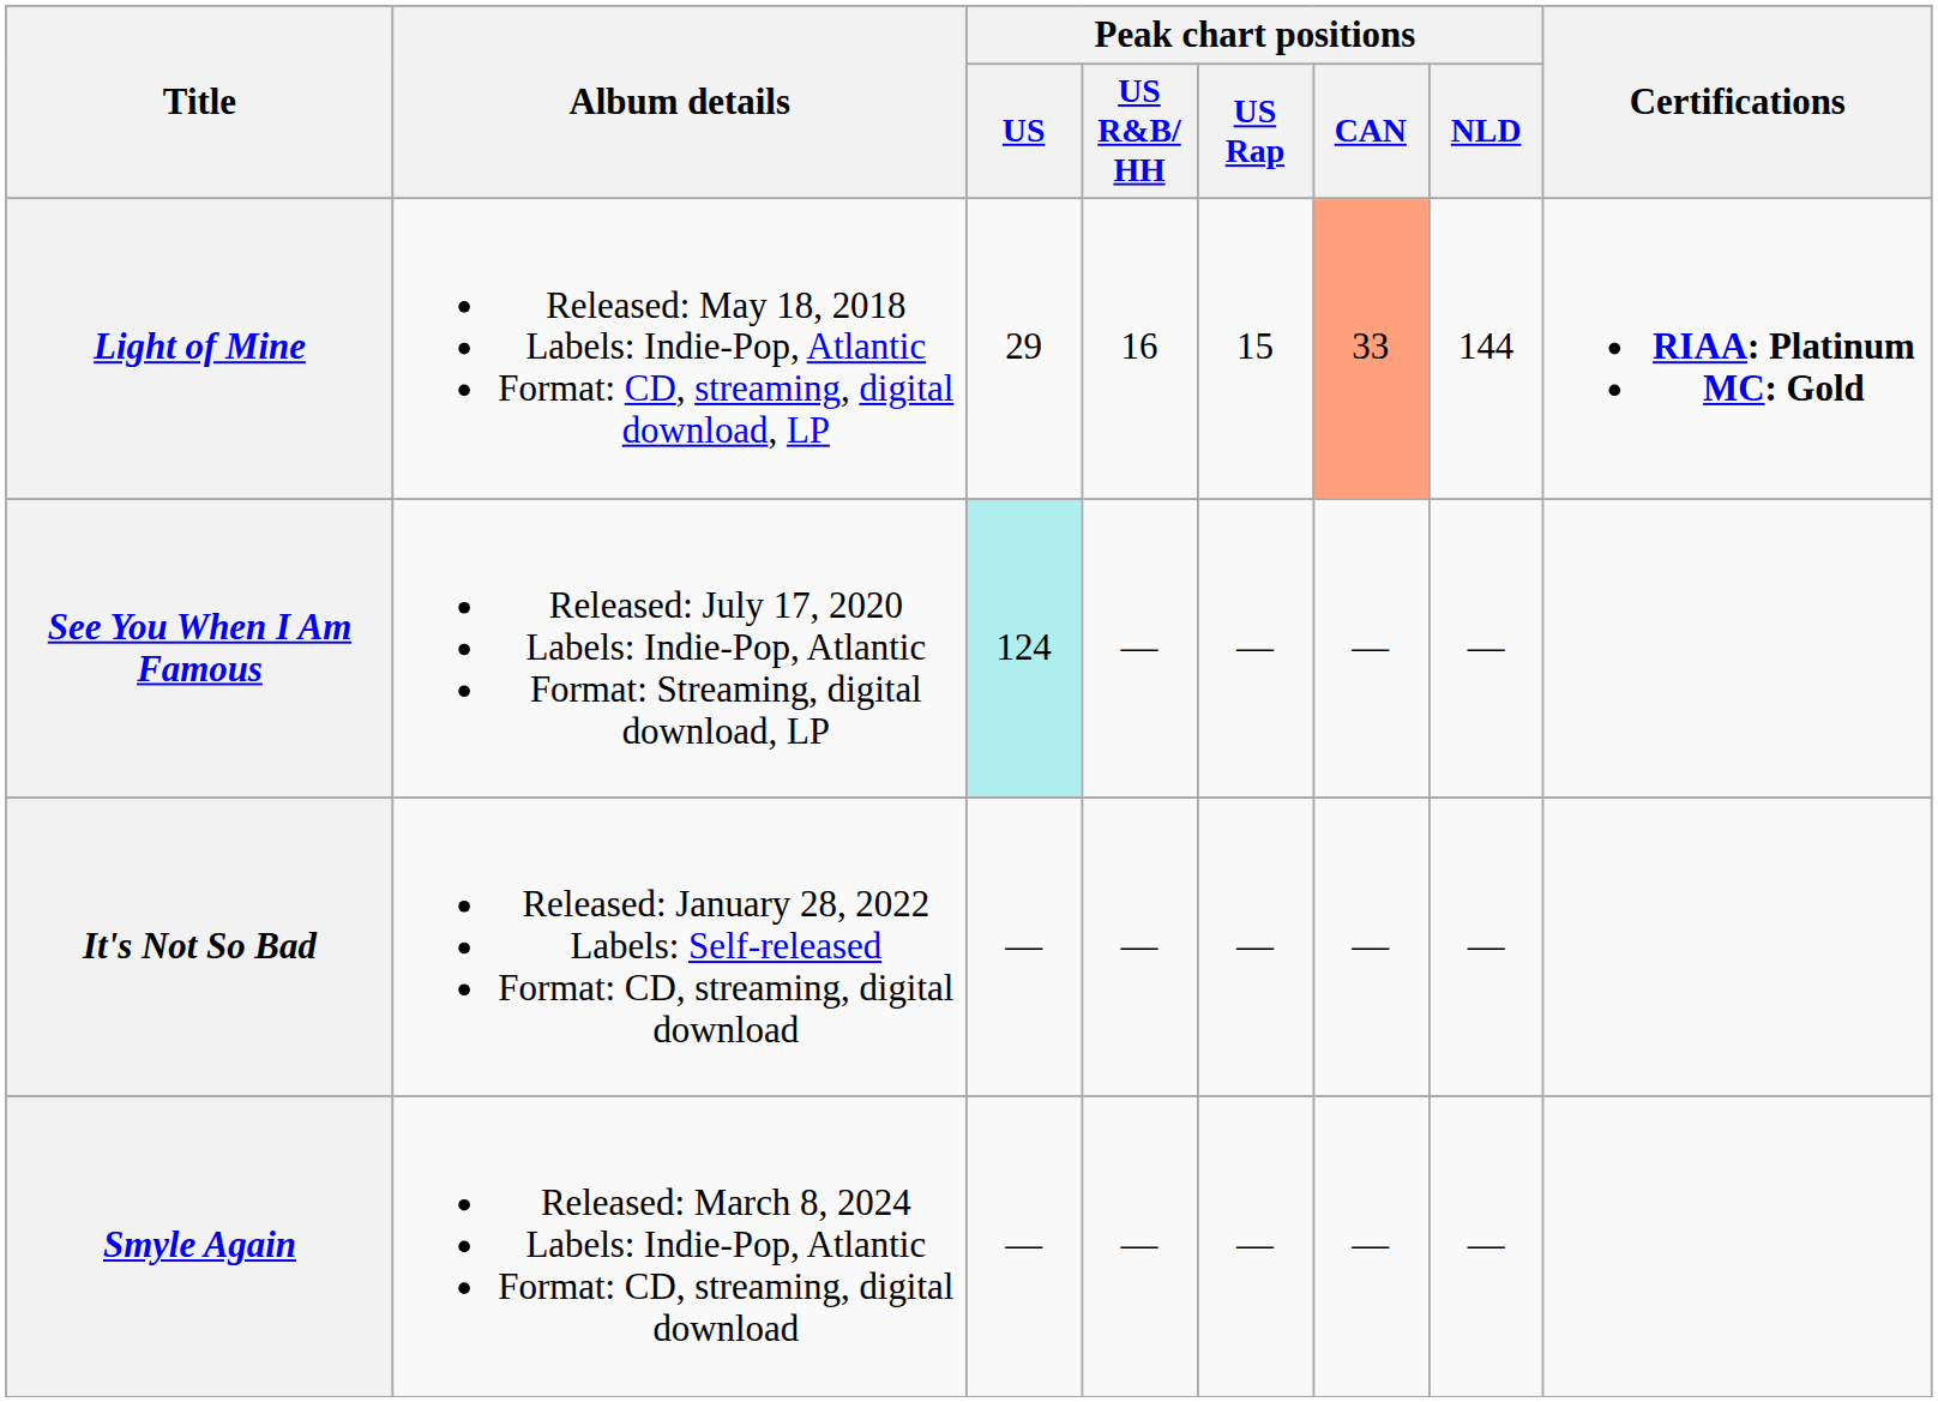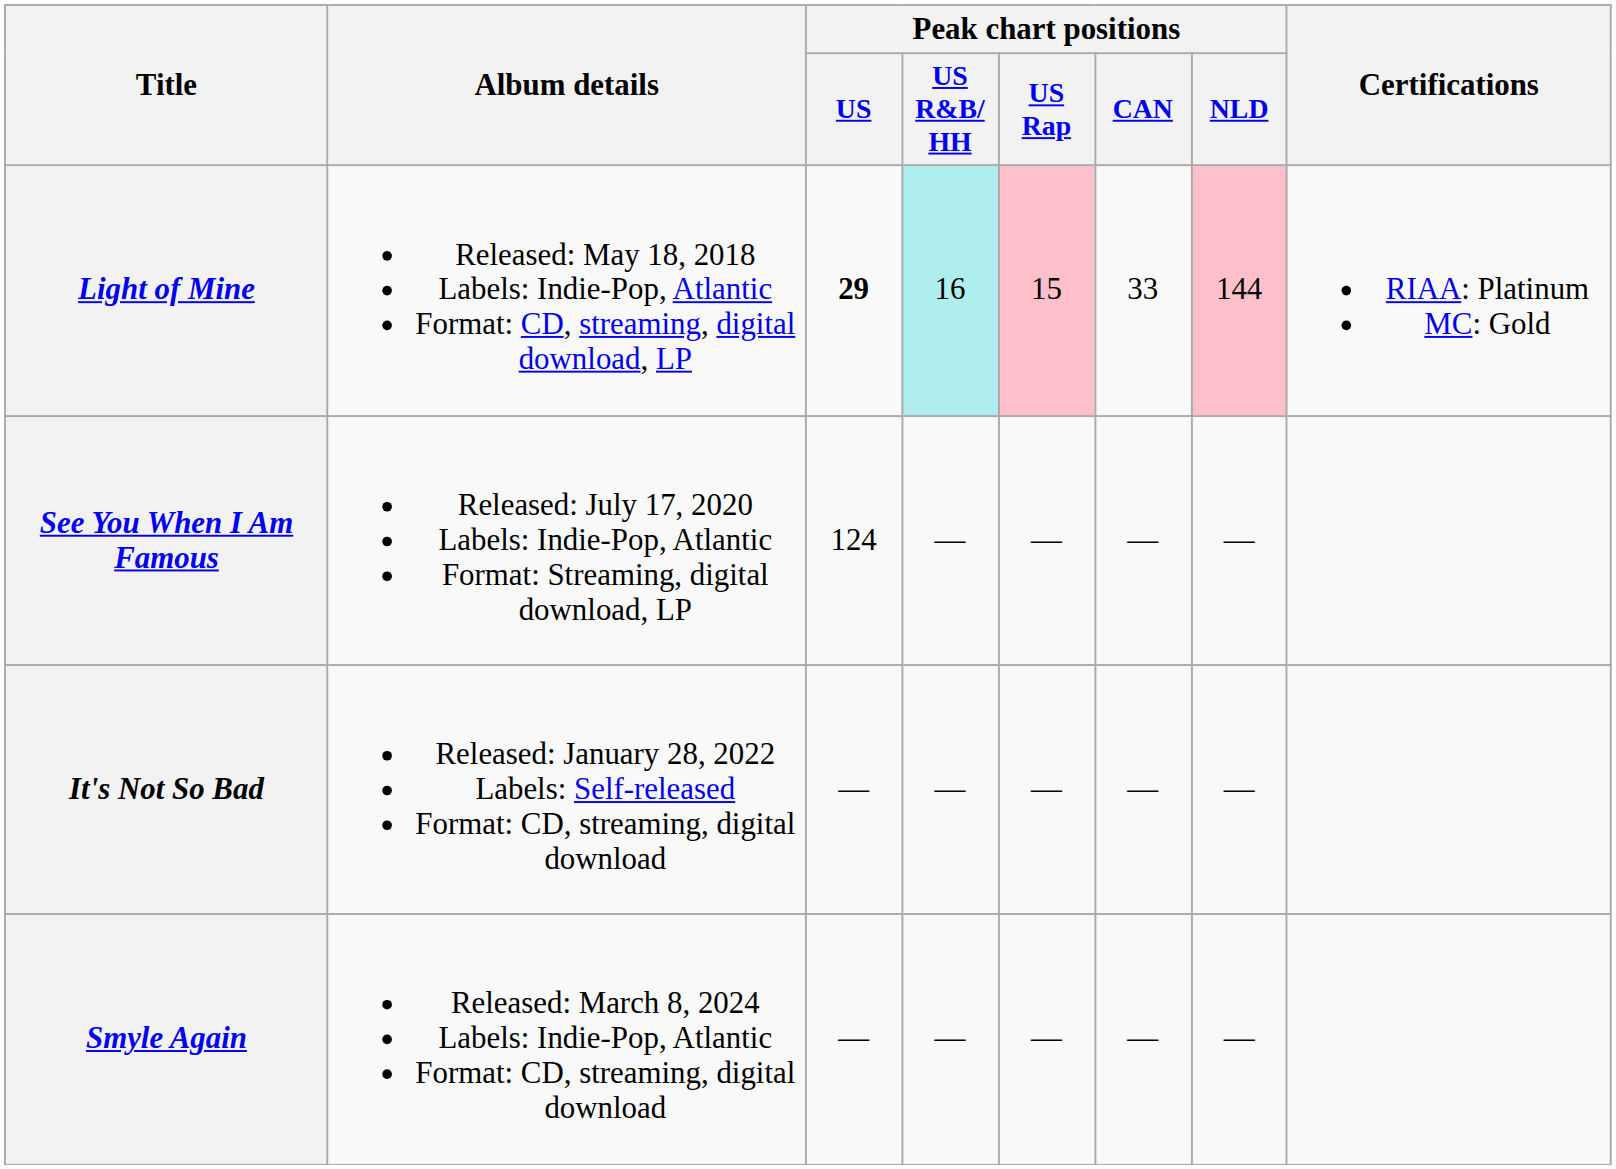 <table class="wikitable plainrowheaders" style="text-align:center;">
 <tr>
 <th scope="col" rowspan="2" style="width:10em;">Title</th>
 <th scope="col" rowspan="2" style="width:15em;">Album details</th>
 <th scope="col" colspan="5" style="width:9em;">Peak chart positions</th>
 <th scope="col" rowspan="2" style="width:10em;">Certifications</th>
 </tr>
 <tr>
 <th scope="col" style="width:3em;font-size:90%;"><a href='#'>US</a><br></th>
 <th scope="col" style="width:3em;font-size:90%;"><a href='#'>US R&B/<br>HH</a><br></th>
 <th scope="col" style="width:3em;font-size:90%;"><a href='#'>US<br>Rap</a><br></th>
 <th scope="col" style="width:3em;font-size:90%;"><a href='#'>CAN</a><br></th>
 <th scope="col" style="width:3em;font-size:90%;"><a href='#'>NLD</a><br></th>
 </tr>
 <tr>
 <th scope="row"><em><a href='#'>Light of Mine</a></em></th>
 <td><br><ul><li>Released: May 18, 2018</li><li>Labels: Indie-Pop, <a href='#'>Atlantic</a></li><li>Format: <a href='#'>CD</a>, <a href='#'>streaming</a>, <a href='#'>digital download</a>, <a href='#'>LP</a></li></ul></td>
-<td>29</td>
-<td>16</td>
-<td>15</td>
-<td style="background: lightsalmon;">33</td>
-<td>144</td>
-<td><strong><br><ul><li><a href='#'>RIAA</a>: Platinum</li><li><a href='#'>MC</a>: Gold</li></ul></strong></td>
+<td><strong>29</strong></td>
+<td style="background: paleturquoise;">16</td>
+<td style="background: pink;">15</td>
+<td>33</td>
+<td style="background: pink;">144</td>
+<td><br><ul><li><a href='#'>RIAA</a>: Platinum</li><li><a href='#'>MC</a>: Gold</li></ul></td>
 </tr>
 <tr>
 <th scope="row"><em><a href='#'>See You When I Am Famous</a></em></th>
 <td><br><ul><li>Released: July 17, 2020</li><li>Labels: Indie-Pop, Atlantic</li><li>Format: Streaming, digital download, LP</li></ul></td>
-<td style="background: paleturquoise;">124</td>
+<td>124</td>
 <td>—</td>
 <td>—</td>
 <td>—</td>
 <td>—</td>
 <td></td>
 </tr>
 <tr>
 <th scope="row"><em>It's Not So Bad</em></th>
 <td><br><ul><li>Released: January 28, 2022</li><li>Labels: <a href='#'>Self-released</a></li><li>Format: CD, streaming, digital download</li></ul></td>
 <td>—</td>
 <td>—</td>
 <td>—</td>
 <td>—</td>
 <td>—</td>
 <td></td>
 </tr>
 <tr>
 <th scope="row"><em><a href='#'>Smyle Again</a></em></th>
 <td><br><ul><li>Released: March 8, 2024</li><li>Labels: Indie-Pop, Atlantic</li><li>Format: CD, streaming, digital download</li></ul></td>
 <td>—</td>
 <td>—</td>
 <td>—</td>
 <td>—</td>
 <td>—</td>
 <td></td>
 </tr>
 </table>
